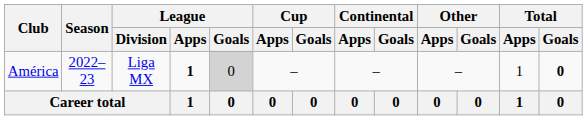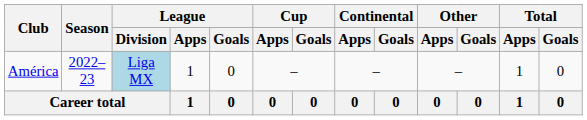 <table class="wikitable" style="text-align: center">
 <tr>
 <th rowspan="2">Club</th>
 <th rowspan="2">Season</th>
 <th colspan="3">League</th>
 <th colspan="2">Cup</th>
 <th colspan="2">Continental</th>
 <th colspan="2">Other</th>
 <th colspan="2">Total</th>
 </tr>
 <tr>
 <th>Division</th>
 <th>Apps</th>
 <th>Goals</th>
 <th>Apps</th>
 <th>Goals</th>
 <th>Apps</th>
 <th>Goals</th>
 <th>Apps</th>
 <th>Goals</th>
 <th>Apps</th>
 <th>Goals</th>
 </tr>
 <tr>
 <td><a href='#'>América</a></td>
 <td><a href='#'>2022–23</a></td>
-<td><a href='#'>Liga MX</a></td>
-<td><strong>1</strong></td>
-<td style="background: lightgrey;">0</td>
+<td style="background: lightblue;"><a href='#'>Liga MX</a></td>
+<td>1</td>
+<td>0</td>
 <td colspan="2">–</td>
 <td colspan="2">–</td>
 <td colspan="2">–</td>
 <td>1</td>
-<td><strong>0</strong></td>
+<td>0</td>
 </tr>
 <tr>
 <th colspan="3">Career total</th>
 <th>1</th>
 <th>0</th>
 <th>0</th>
 <th>0</th>
 <th>0</th>
 <th>0</th>
 <th>0</th>
 <th>0</th>
 <th>1</th>
 <th>0</th>
 </tr>
 </table>
